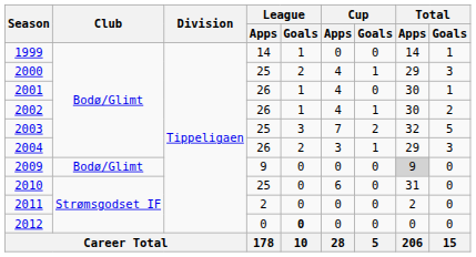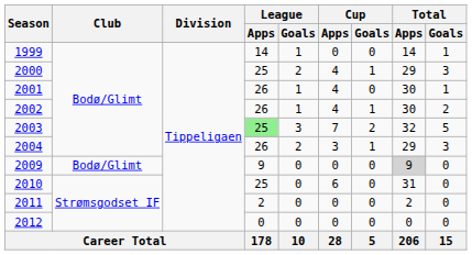 <table class="wikitable" style="text-align: center;">
 <tr>
 <th rowspan="2">Season</th>
 <th rowspan="2">Club</th>
 <th rowspan="2">Division</th>
 <th colspan="2">League</th>
 <th colspan="2">Cup</th>
 <th colspan="2">Total</th>
 </tr>
 <tr>
 <th>Apps</th>
 <th>Goals</th>
 <th>Apps</th>
 <th>Goals</th>
 <th>Apps</th>
 <th>Goals</th>
 </tr>
 <tr>
 <td><a href='#'>1999</a></td>
 <td rowspan="6" valign="center"><a href='#'>Bodø/Glimt</a></td>
 <td rowspan="10" valign="center"><a href='#'>Tippeligaen</a></td>
 <td>14</td>
 <td>1</td>
 <td>0</td>
 <td>0</td>
 <td>14</td>
 <td>1</td>
 </tr>
 <tr>
 <td><a href='#'>2000</a></td>
 <td>25</td>
 <td>2</td>
 <td>4</td>
 <td>1</td>
 <td>29</td>
 <td>3</td>
 </tr>
 <tr>
 <td><a href='#'>2001</a></td>
 <td>26</td>
 <td>1</td>
 <td>4</td>
 <td>0</td>
 <td>30</td>
 <td>1</td>
 </tr>
 <tr>
 <td><a href='#'>2002</a></td>
 <td>26</td>
 <td>1</td>
 <td>4</td>
 <td>1</td>
 <td>30</td>
 <td>2</td>
 </tr>
 <tr>
 <td><a href='#'>2003</a></td>
-<td>25</td>
+<td style="background: lightgreen;">25</td>
 <td>3</td>
 <td>7</td>
 <td>2</td>
 <td>32</td>
 <td>5</td>
 </tr>
 <tr>
 <td><a href='#'>2004</a></td>
 <td>26</td>
 <td>2</td>
 <td>3</td>
 <td>1</td>
 <td>29</td>
 <td>3</td>
 </tr>
 <tr>
 <td><a href='#'>2009</a></td>
 <td rowspan="1" valign="center"><a href='#'>Bodø/Glimt</a></td>
 <td>9</td>
 <td>0</td>
 <td>0</td>
 <td>0</td>
 <td style="background: lightgrey;">9</td>
 <td>0</td>
 </tr>
 <tr>
 <td><a href='#'>2010</a></td>
 <td rowspan="3" valign="center"><a href='#'>Strømsgodset IF</a></td>
 <td>25</td>
 <td>0</td>
 <td>6</td>
 <td>0</td>
 <td>31</td>
 <td>0</td>
 </tr>
 <tr>
 <td><a href='#'>2011</a></td>
 <td>2</td>
 <td>0</td>
 <td>0</td>
 <td>0</td>
 <td>2</td>
 <td>0</td>
 </tr>
 <tr>
 <td><a href='#'>2012</a></td>
 <td>0</td>
-<td><strong>0</strong></td>
+<td>0</td>
 <td>0</td>
 <td>0</td>
 <td>0</td>
 <td>0</td>
 </tr>
 <tr>
 <th colspan="3">Career Total</th>
 <th>178</th>
 <th>10</th>
 <th>28</th>
 <th>5</th>
 <th>206</th>
 <th>15</th>
 </tr>
 </table>
